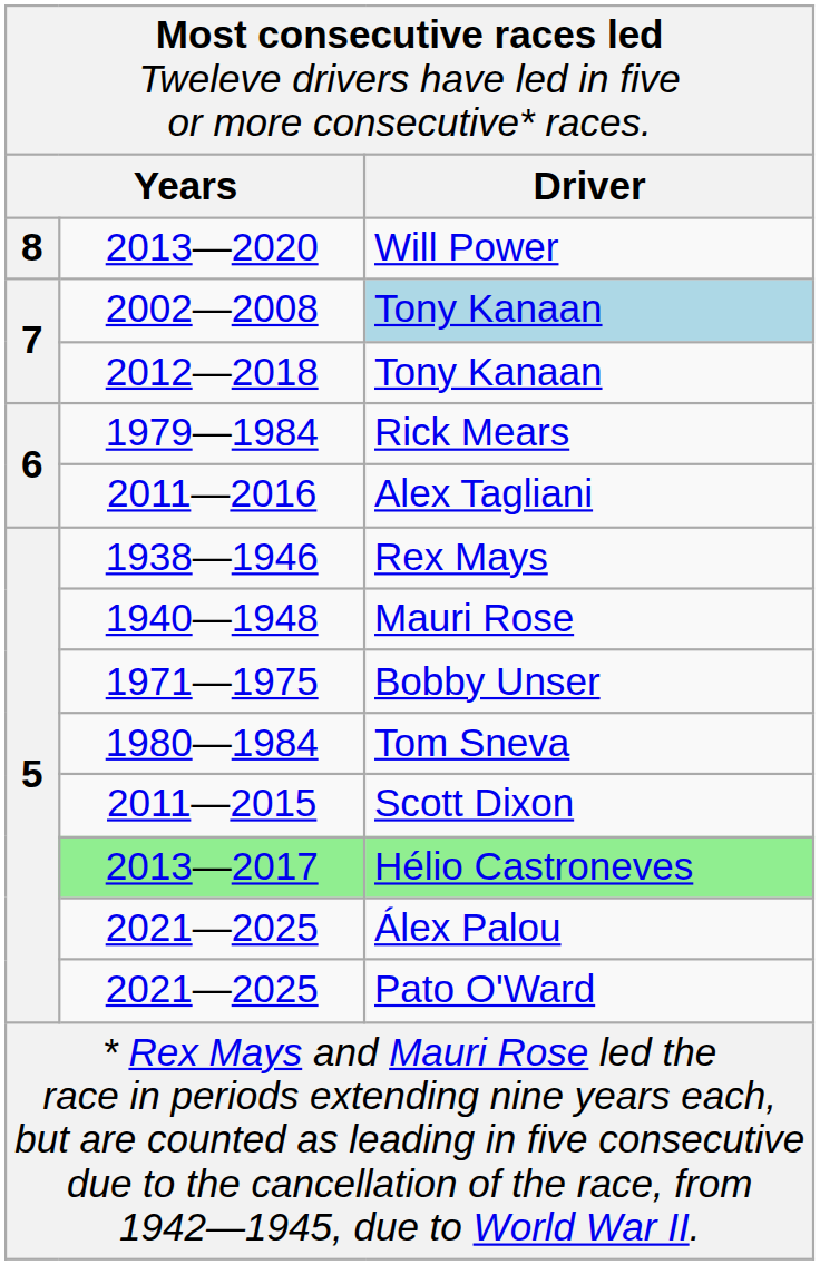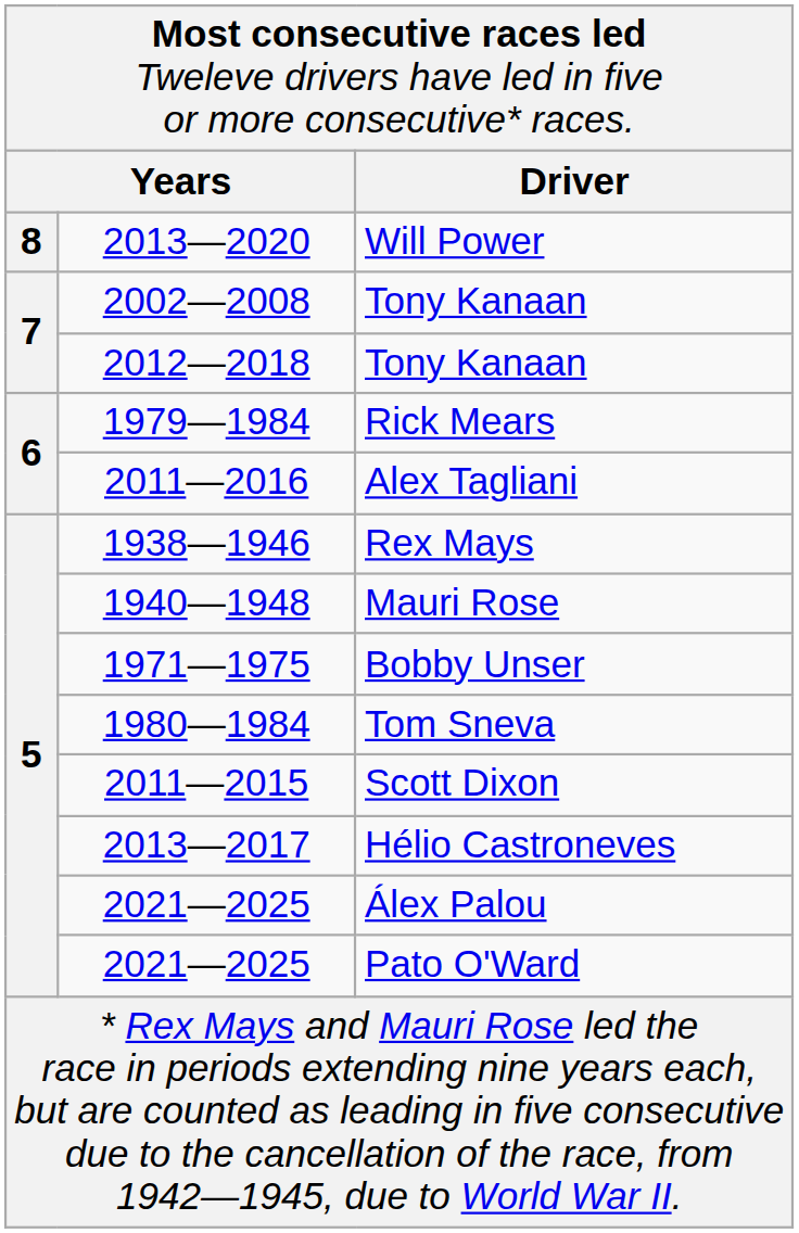 <table class="wikitable">
 <tr>
 <td style="background:#F2F2F2;" align="center" colspan="3"><strong>Most consecutive races led</strong><br><em>Tweleve drivers have led in five<br>or more consecutive* races.</em></td>
 </tr>
 <tr>
 <td style="background:#F2F2F2;" align="center" colspan="2"><strong>Years</strong></td>
 <td style="background:#F2F2F2;" align="center"><strong>Driver</strong></td>
 </tr>
 <tr>
 <td style="background:#F2F2F2;" align="center" rowspan="1"><strong>8</strong></td>
 <td align="center"><a href='#'>2013</a>—<a href='#'>2020</a></td>
 <td> <a href='#'>Will Power</a></td>
 </tr>
 <tr>
 <td style="background:#F2F2F2;" align="center" rowspan="2"><strong>7</strong></td>
 <td align="center"><a href='#'>2002</a>—<a href='#'>2008</a></td>
-<td style="background: lightblue;"> <a href='#'>Tony Kanaan</a></td>
+<td> <a href='#'>Tony Kanaan</a></td>
 </tr>
 <tr>
 <td align="center"><a href='#'>2012</a>—<a href='#'>2018</a></td>
 <td> <a href='#'>Tony Kanaan</a></td>
 </tr>
 <tr>
 <td style="background:#F2F2F2;" align="center" rowspan="2"><strong>6</strong></td>
 <td align="center"><a href='#'>1979</a>—<a href='#'>1984</a></td>
 <td> <a href='#'>Rick Mears</a></td>
 </tr>
 <tr>
 <td align="center"><a href='#'>2011</a>—<a href='#'>2016</a></td>
 <td> <a href='#'>Alex Tagliani</a></td>
 </tr>
 <tr>
 <td style="background:#F2F2F2;" align="center" rowspan="8"><strong>5</strong></td>
 <td align="center"><a href='#'>1938</a>—<a href='#'>1946</a></td>
 <td> <a href='#'>Rex Mays</a></td>
 </tr>
 <tr>
 <td align="center"><a href='#'>1940</a>—<a href='#'>1948</a></td>
 <td> <a href='#'>Mauri Rose</a></td>
 </tr>
 <tr>
 <td align="center"><a href='#'>1971</a>—<a href='#'>1975</a></td>
 <td> <a href='#'>Bobby Unser</a></td>
 </tr>
 <tr>
 <td align="center"><a href='#'>1980</a>—<a href='#'>1984</a></td>
 <td> <a href='#'>Tom Sneva</a></td>
 </tr>
 <tr>
 <td align="center"><a href='#'>2011</a>—<a href='#'>2015</a></td>
 <td> <a href='#'>Scott Dixon</a></td>
 </tr>
 <tr>
-<td align="center" style="background: lightgreen;"><a href='#'>2013</a>—<a href='#'>2017</a></td>
-<td style="background: lightgreen;"> <a href='#'>Hélio Castroneves</a></td>
+<td align="center"><a href='#'>2013</a>—<a href='#'>2017</a></td>
+<td> <a href='#'>Hélio Castroneves</a></td>
 </tr>
 <tr>
 <td style="text-align: center;"><a href='#'>2021</a>—<a href='#'>2025</a></td>
 <td> <a href='#'>Álex Palou</a></td>
 </tr>
 <tr>
 <td style="text-align: center;"><a href='#'>2021</a>—<a href='#'>2025</a></td>
 <td> <a href='#'>Pato O'Ward</a></td>
 </tr>
 <tr>
 <td style="background:#F2F2F2;" align="center" colspan="3"><em>*  <a href='#'>Rex Mays</a> and  <a href='#'>Mauri Rose</a> led the<br>race in periods extending nine years each,<br>but are counted as leading in five consecutive<br>due to the cancellation of the race, from<br>1942—1945, due to <a href='#'>World War II</a>.</em></td>
 </tr>
 </table>
